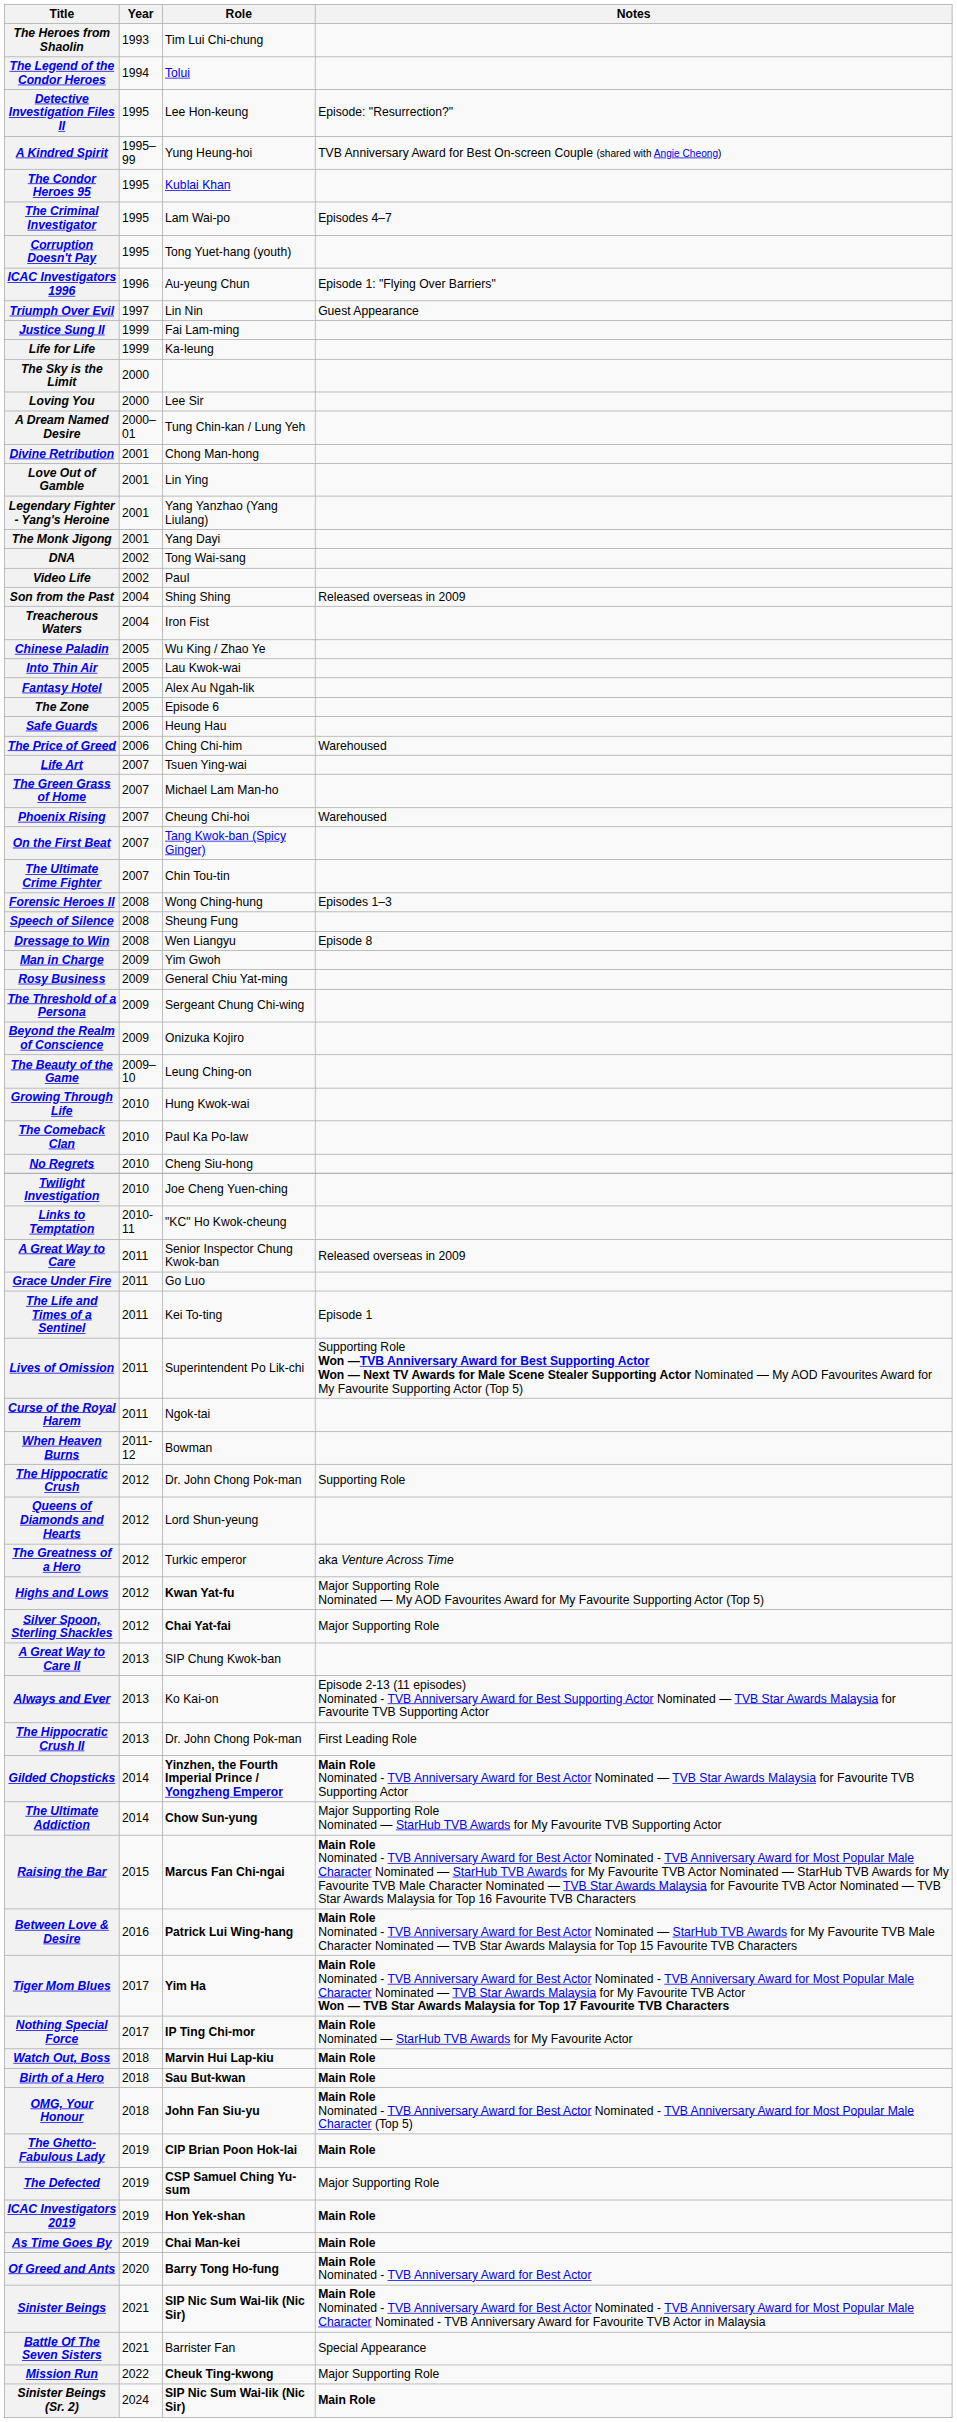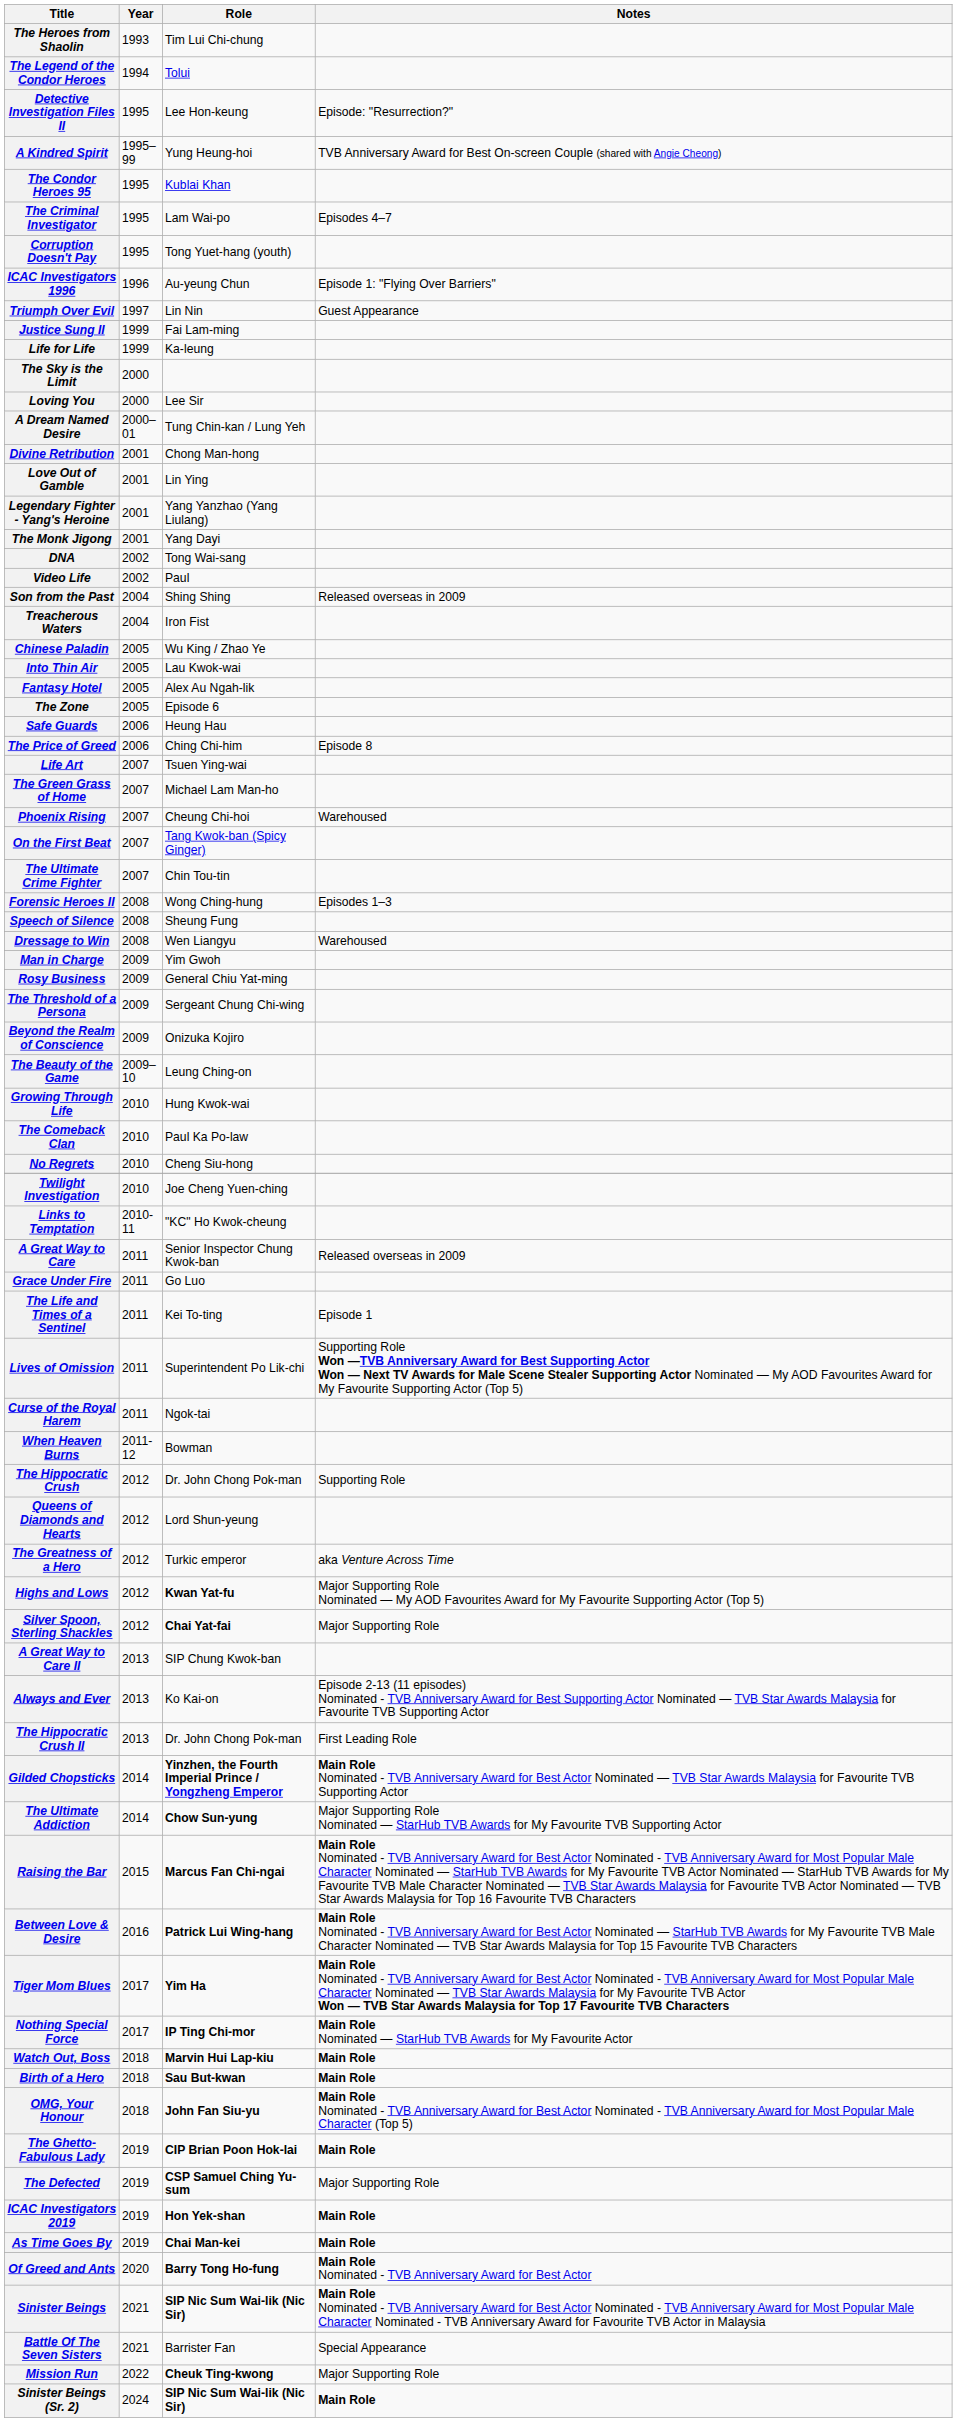 <table class="wikitable plainrowheaders sortable">
 <tr>
 <th scope="col">Title</th>
 <th scope="col">Year</th>
 <th scope="col">Role</th>
 <th scope="col" class="unsortable">Notes</th>
 </tr>
 <tr>
 <th scope="row"><em>The Heroes from Shaolin</em></th>
 <td>1993</td>
 <td>Tim Lui Chi-chung</td>
 <td></td>
 </tr>
 <tr>
 <th scope="row"><em><a href='#'>The Legend of the Condor Heroes</a></em></th>
 <td>1994</td>
 <td><a href='#'>Tolui</a></td>
 <td></td>
 </tr>
 <tr>
 <th scope="row"><em><a href='#'>Detective Investigation Files II</a></em></th>
 <td>1995</td>
 <td>Lee Hon-keung</td>
 <td>Episode: "Resurrection?"</td>
 </tr>
 <tr>
 <th scope="row"><em><a href='#'>A Kindred Spirit</a></em></th>
 <td>1995–99</td>
 <td>Yung Heung-hoi</td>
 <td>TVB Anniversary Award for Best On-screen Couple <small>(shared with <a href='#'>Angie Cheong</a>)</small></td>
 </tr>
 <tr>
 <th scope="row"><em><a href='#'>The Condor Heroes 95</a></em></th>
 <td>1995</td>
 <td><a href='#'>Kublai Khan</a></td>
 <td></td>
 </tr>
 <tr>
 <th scope="row"><em><a href='#'>The Criminal Investigator</a></em></th>
 <td>1995</td>
 <td>Lam Wai-po</td>
 <td>Episodes 4–7</td>
 </tr>
 <tr>
 <th scope="row"><em><a href='#'>Corruption Doesn't Pay</a></em></th>
 <td>1995</td>
 <td>Tong Yuet-hang (youth)</td>
 <td></td>
 </tr>
 <tr>
 <th scope="row"><em><a href='#'>ICAC Investigators 1996</a></em></th>
 <td>1996</td>
 <td>Au-yeung Chun</td>
 <td>Episode 1: "Flying Over Barriers"</td>
 </tr>
 <tr>
 <th scope="row"><em><a href='#'>Triumph Over Evil</a></em></th>
 <td>1997</td>
 <td>Lin Nin</td>
 <td>Guest Appearance</td>
 </tr>
 <tr>
 <th scope="row"><em><a href='#'>Justice Sung II</a></em></th>
 <td>1999</td>
 <td>Fai Lam-ming</td>
 <td></td>
 </tr>
 <tr>
 <th scope="row"><em>Life for Life</em></th>
 <td>1999</td>
 <td>Ka-leung</td>
 <td></td>
 </tr>
 <tr>
 <th scope="row"><em>The Sky is the Limit</em></th>
 <td>2000</td>
 <td></td>
 <td></td>
 </tr>
 <tr>
 <th scope="row"><em>Loving You</em></th>
 <td>2000</td>
 <td>Lee Sir</td>
 <td></td>
 </tr>
 <tr>
 <th scope="row"><em>A Dream Named Desire</em></th>
 <td>2000–01</td>
 <td>Tung Chin-kan / Lung Yeh</td>
 <td></td>
 </tr>
 <tr>
 <th scope="row"><em><a href='#'>Divine Retribution</a></em></th>
 <td>2001</td>
 <td>Chong Man-hong</td>
 <td></td>
 </tr>
 <tr>
 <th scope="row"><em>Love Out of Gamble</em></th>
 <td>2001</td>
 <td>Lin Ying</td>
 <td></td>
 </tr>
 <tr>
 <th scope="row"><em>Legendary Fighter - Yang's Heroine</em></th>
 <td>2001</td>
 <td>Yang Yanzhao (Yang Liulang)</td>
 <td></td>
 </tr>
 <tr>
 <th scope="row"><em>The Monk Jigong</em></th>
 <td>2001</td>
 <td>Yang Dayi</td>
 <td></td>
 </tr>
 <tr>
 <th scope="row"><em>DNA</em></th>
 <td>2002</td>
 <td>Tong Wai-sang</td>
 <td></td>
 </tr>
 <tr>
 <th scope="row"><em>Video Life</em></th>
 <td>2002</td>
 <td>Paul</td>
 <td></td>
 </tr>
 <tr>
 <th scope="row"><em>Son from the Past</em></th>
 <td>2004</td>
 <td>Shing Shing</td>
 <td>Released overseas in 2009</td>
 </tr>
 <tr>
 <th scope="row"><em>Treacherous Waters</em></th>
 <td>2004</td>
 <td>Iron Fist</td>
 <td></td>
 </tr>
 <tr>
 <th scope="row"><em><a href='#'>Chinese Paladin</a></em></th>
 <td>2005</td>
 <td>Wu King / Zhao Ye</td>
 <td></td>
 </tr>
 <tr>
 <th scope="row"><em><a href='#'>Into Thin Air</a></em></th>
 <td>2005</td>
 <td>Lau Kwok-wai</td>
 <td></td>
 </tr>
 <tr>
 <th scope="row"><em><a href='#'>Fantasy Hotel</a></em></th>
 <td>2005</td>
 <td>Alex Au Ngah-lik</td>
 <td></td>
 </tr>
 <tr>
 <th scope="row"><em>The Zone</em></th>
 <td>2005</td>
 <td>Episode 6</td>
 <td></td>
 </tr>
 <tr>
 <th scope="row"><em><a href='#'>Safe Guards</a></em></th>
 <td>2006</td>
 <td>Heung Hau</td>
 <td></td>
 </tr>
 <tr>
 <th scope="row"><em><a href='#'>The Price of Greed</a></em></th>
 <td>2006</td>
 <td>Ching Chi-him</td>
-<td>Warehoused</td>
+<td>Episode 8</td>
 </tr>
 <tr>
 <th scope="row"><em><a href='#'>Life Art</a></em></th>
 <td>2007</td>
 <td>Tsuen Ying-wai</td>
 <td></td>
 </tr>
 <tr>
 <th scope="row"><em><a href='#'>The Green Grass of Home</a></em></th>
 <td>2007</td>
 <td>Michael Lam Man-ho</td>
 <td></td>
 </tr>
 <tr>
 <th scope="row"><em><a href='#'>Phoenix Rising</a></em></th>
 <td>2007</td>
 <td>Cheung Chi-hoi</td>
 <td>Warehoused</td>
 </tr>
 <tr>
 <th scope="row"><em><a href='#'>On the First Beat</a></em></th>
 <td>2007</td>
 <td><a href='#'>Tang Kwok-ban (Spicy Ginger)</a></td>
 <td></td>
 </tr>
 <tr>
 <th scope="row"><em><a href='#'>The Ultimate Crime Fighter</a></em></th>
 <td>2007</td>
 <td>Chin Tou-tin</td>
 <td></td>
 </tr>
 <tr>
 <th scope="row"><em><a href='#'>Forensic Heroes II</a></em></th>
 <td>2008</td>
 <td>Wong Ching-hung</td>
 <td>Episodes 1–3</td>
 </tr>
 <tr>
 <th scope="row"><em><a href='#'>Speech of Silence</a></em></th>
 <td>2008</td>
 <td>Sheung Fung</td>
 <td></td>
 </tr>
 <tr>
 <th scope="row"><em><a href='#'>Dressage to Win</a></em></th>
 <td>2008</td>
 <td>Wen Liangyu</td>
-<td>Episode 8</td>
+<td>Warehoused</td>
 </tr>
 <tr>
 <th scope="row"><em><a href='#'>Man in Charge</a></em></th>
 <td>2009</td>
 <td>Yim Gwoh</td>
 <td></td>
 </tr>
 <tr>
 <th scope="row"><em><a href='#'>Rosy Business</a></em></th>
 <td>2009</td>
 <td>General Chiu Yat-ming</td>
 <td></td>
 </tr>
 <tr>
 <th scope="row"><em><a href='#'>The Threshold of a Persona</a></em></th>
 <td>2009</td>
 <td>Sergeant Chung Chi-wing</td>
 <td></td>
 </tr>
 <tr>
 <th scope="row"><em><a href='#'>Beyond the Realm of Conscience</a></em></th>
 <td>2009</td>
 <td>Onizuka Kojiro</td>
 <td></td>
 </tr>
 <tr>
 <th scope="row"><em><a href='#'>The Beauty of the Game</a></em></th>
 <td>2009–10</td>
 <td>Leung Ching-on</td>
 <td></td>
 </tr>
 <tr>
 <th scope="row"><em><a href='#'>Growing Through Life</a></em></th>
 <td>2010</td>
 <td>Hung Kwok-wai</td>
 <td></td>
 </tr>
 <tr>
 <th scope="row"><em><a href='#'>The Comeback Clan</a></em></th>
 <td>2010</td>
 <td>Paul Ka Po-law</td>
 <td></td>
 </tr>
 <tr>
 <th scope="row"><em><a href='#'>No Regrets</a></em></th>
 <td>2010</td>
 <td>Cheng Siu-hong</td>
 <td></td>
 </tr>
 <tr>
 </tr>
 <tr>
 <th scope="row"><em><a href='#'>Twilight Investigation</a></em></th>
 <td>2010</td>
 <td>Joe Cheng Yuen-ching</td>
 <td></td>
 </tr>
 <tr>
 <th scope="row"><em><a href='#'>Links to Temptation</a></em></th>
 <td>2010-11</td>
 <td>"KC" Ho Kwok-cheung</td>
 <td></td>
 </tr>
 <tr>
 <th scope="row"><em><a href='#'>A Great Way to Care</a></em></th>
 <td>2011</td>
 <td>Senior Inspector Chung Kwok-ban</td>
 <td>Released overseas in 2009</td>
 </tr>
 <tr>
 <th scope="row"><em><a href='#'>Grace Under Fire</a></em></th>
 <td>2011</td>
 <td>Go Luo</td>
 <td></td>
 </tr>
 <tr>
 <th scope="row"><em><a href='#'>The Life and Times of a Sentinel</a></em></th>
 <td>2011</td>
 <td>Kei To-ting</td>
 <td>Episode 1</td>
 </tr>
 <tr>
 <th scope="row"><em><a href='#'>Lives of Omission</a></em></th>
 <td>2011</td>
 <td>Superintendent Po Lik-chi</td>
 <td>Supporting Role<br><strong>Won —<a href='#'>TVB Anniversary Award for Best Supporting Actor</a> </strong> <br> <strong> Won — Next TV Awards for Male Scene Stealer Supporting Actor</strong> Nominated — My AOD Favourites Award for My Favourite Supporting Actor (Top 5)</td>
 </tr>
 <tr>
 <th scope="row"><em><a href='#'>Curse of the Royal Harem</a></em></th>
 <td>2011</td>
 <td>Ngok-tai</td>
 <td></td>
 </tr>
 <tr>
 <th scope="row"><em><a href='#'>When Heaven Burns</a></em></th>
 <td>2011-12</td>
 <td>Bowman</td>
 <td></td>
 </tr>
 <tr>
 <th scope="row"><em><a href='#'>The Hippocratic Crush</a></em></th>
 <td>2012</td>
 <td>Dr. John Chong Pok-man</td>
 <td>Supporting Role</td>
 </tr>
 <tr>
 <th scope="row"><em><a href='#'>Queens of Diamonds and Hearts</a></em></th>
 <td>2012</td>
 <td>Lord Shun-yeung</td>
 <td></td>
 </tr>
 <tr>
 <th scope="row"><em><a href='#'>The Greatness of a Hero</a></em></th>
 <td>2012</td>
 <td>Turkic emperor</td>
 <td>aka <em>Venture Across Time</em></td>
 </tr>
 <tr>
 <th scope="row"><strong><em><a href='#'>Highs and Lows</a></em></strong></th>
 <td>2012</td>
 <td><strong> Kwan Yat-fu </strong></td>
 <td>Major Supporting Role<br>Nominated — My AOD Favourites Award for My Favourite Supporting Actor (Top 5)</td>
 </tr>
 <tr>
 <th scope="row"><strong><em><a href='#'>Silver Spoon, Sterling Shackles</a> </em></strong></th>
 <td>2012</td>
 <td><strong> Chai Yat-fai </strong></td>
 <td>Major Supporting Role</td>
 </tr>
 <tr>
 <th scope="row"><em><a href='#'>A Great Way to Care II</a></em></th>
 <td>2013</td>
 <td>SIP Chung Kwok-ban</td>
 <td></td>
 </tr>
 <tr>
 <th scope="row"><em><a href='#'>Always and Ever</a></em></th>
 <td>2013</td>
 <td>Ko Kai-on</td>
 <td>Episode 2-13 (11 episodes)<br>Nominated - <a href='#'>TVB Anniversary Award for Best Supporting Actor</a> Nominated — <a href='#'>TVB Star Awards Malaysia</a> for Favourite TVB Supporting Actor</td>
 </tr>
 <tr>
 <th scope="row"><em><a href='#'>The Hippocratic Crush II</a></em></th>
 <td>2013</td>
 <td>Dr. John Chong Pok-man</td>
 <td>First Leading Role</td>
 </tr>
 <tr>
 <th scope="row"><strong><em><a href='#'>Gilded Chopsticks</a></em></strong></th>
 <td>2014</td>
 <td><strong> Yinzhen, the Fourth Imperial Prince / <a href='#'>Yongzheng Emperor</a> </strong></td>
 <td><strong> Main Role </strong><br>Nominated - <a href='#'>TVB Anniversary Award for Best Actor</a> Nominated — <a href='#'>TVB Star Awards Malaysia</a> for Favourite TVB Supporting Actor</td>
 </tr>
 <tr>
 <th scope="row"><strong><em><a href='#'>The Ultimate Addiction</a></em></strong></th>
 <td>2014</td>
 <td><strong> Chow Sun-yung </strong></td>
 <td>Major Supporting Role<br>Nominated — <a href='#'>StarHub TVB Awards</a> for My Favourite TVB Supporting Actor</td>
 </tr>
 <tr>
 <th scope="row"><strong><em><a href='#'>Raising the Bar</a></em></strong></th>
 <td>2015</td>
 <td><strong> Marcus Fan Chi-ngai </strong></td>
 <td><strong> Main Role </strong><br>Nominated - <a href='#'>TVB Anniversary Award for Best Actor</a> Nominated - <a href='#'>TVB Anniversary Award for Most Popular Male Character</a> Nominated — <a href='#'>StarHub TVB Awards</a> for My Favourite TVB Actor Nominated — StarHub TVB Awards for My Favourite TVB Male Character Nominated — <a href='#'>TVB Star Awards Malaysia</a> for Favourite TVB Actor Nominated — TVB Star Awards Malaysia for Top 16 Favourite TVB Characters</td>
 </tr>
 <tr>
 <th scope="row"><strong><em><a href='#'>Between Love & Desire</a></em></strong></th>
 <td>2016</td>
 <td><strong> Patrick Lui Wing-hang </strong></td>
 <td><strong> Main Role </strong><br>Nominated - <a href='#'>TVB Anniversary Award for Best Actor</a> Nominated — <a href='#'>StarHub TVB Awards</a> for My Favourite TVB Male Character Nominated — TVB Star Awards Malaysia for Top 15 Favourite TVB Characters</td>
 </tr>
 <tr>
 <th scope="row"><strong><em><a href='#'>Tiger Mom Blues</a></em></strong></th>
 <td>2017</td>
 <td><strong> Yim Ha </strong></td>
 <td><strong> Main Role </strong><br>Nominated - <a href='#'>TVB Anniversary Award for Best Actor</a> Nominated - <a href='#'>TVB Anniversary Award for Most Popular Male Character</a> Nominated — <a href='#'>TVB Star Awards Malaysia</a> for My Favourite TVB Actor<br><strong> Won — TVB Star Awards Malaysia for Top 17 Favourite TVB Characters</strong></td>
 </tr>
 <tr>
 <th scope="row"><strong><em><a href='#'>Nothing Special Force</a></em></strong></th>
 <td>2017</td>
 <td><strong> IP Ting Chi-mor </strong></td>
 <td><strong> Main Role </strong><br>Nominated — <a href='#'>StarHub TVB Awards</a> for My Favourite Actor</td>
 </tr>
 <tr>
 <th scope="row"><strong><em><a href='#'>Watch Out, Boss</a></em></strong></th>
 <td>2018</td>
 <td><strong> Marvin Hui Lap-kiu </strong></td>
 <td><strong> Main Role </strong></td>
 </tr>
 <tr>
 <th scope="row"><strong><em><a href='#'>Birth of a Hero</a></em></strong></th>
 <td>2018</td>
 <td><strong> Sau But-kwan </strong></td>
 <td><strong> Main Role </strong></td>
 </tr>
 <tr>
 <th scope="row"><strong><em><a href='#'>OMG, Your Honour</a></em></strong></th>
 <td>2018</td>
 <td><strong> John Fan Siu-yu </strong></td>
 <td><strong> Main Role </strong><br>Nominated - <a href='#'>TVB Anniversary Award for Best Actor</a> Nominated - <a href='#'>TVB Anniversary Award for Most Popular Male Character</a> (Top 5)</td>
 </tr>
 <tr>
 <th scope="row"><strong><em><a href='#'>The Ghetto-Fabulous Lady</a></em></strong></th>
 <td>2019</td>
 <td><strong> CIP Brian Poon Hok-lai </strong></td>
 <td><strong> Main Role </strong></td>
 </tr>
 <tr>
 <th scope="row"><strong><em><a href='#'>The Defected</a></em></strong></th>
 <td>2019</td>
 <td><strong> CSP Samuel Ching Yu-sum </strong></td>
 <td>Major Supporting Role</td>
 </tr>
 <tr>
 <th scope="row"><strong><em><a href='#'>ICAC Investigators 2019</a></em></strong></th>
 <td>2019</td>
 <td><strong> Hon Yek-shan </strong></td>
 <td><strong> Main Role </strong></td>
 </tr>
 <tr>
 <th scope="row"><strong><em><a href='#'>As Time Goes By</a></em></strong></th>
 <td>2019</td>
 <td><strong> Chai Man-kei </strong></td>
 <td><strong> Main Role </strong></td>
 </tr>
 <tr>
 <th scope="row"><strong><em><a href='#'>Of Greed and Ants</a></em></strong></th>
 <td>2020</td>
 <td><strong> Barry Tong Ho-fung </strong></td>
 <td><strong> Main Role </strong><br>Nominated - <a href='#'>TVB Anniversary Award for Best Actor</a></td>
 </tr>
 <tr>
 <th scope="row"><strong><em><a href='#'>Sinister Beings</a></em></strong></th>
 <td>2021</td>
 <td><strong> SIP Nic Sum Wai-lik (Nic Sir) </strong></td>
 <td><strong> Main Role </strong><br>Nominated - <a href='#'>TVB Anniversary Award for Best Actor</a> Nominated - <a href='#'>TVB Anniversary Award for Most Popular Male Character</a> Nominated - TVB Anniversary Award for Favourite TVB Actor in Malaysia</td>
 </tr>
 <tr>
 <th scope="row"><em><a href='#'>Battle Of The Seven Sisters</a></em></th>
 <td>2021</td>
 <td>Barrister Fan</td>
 <td>Special Appearance</td>
 </tr>
 <tr>
 <th scope="row"><strong><em><a href='#'>Mission Run</a></em></strong></th>
 <td>2022</td>
 <td><strong> Cheuk Ting-kwong </strong></td>
 <td>Major Supporting Role</td>
 </tr>
 <tr>
 <th scope="row"><strong><em>Sinister Beings (Sr. 2)</em></strong></th>
 <td>2024</td>
 <td><strong> SIP Nic Sum Wai-lik (Nic Sir) </strong></td>
 <td><strong> Main Role </strong></td>
 </tr>
 </table>
